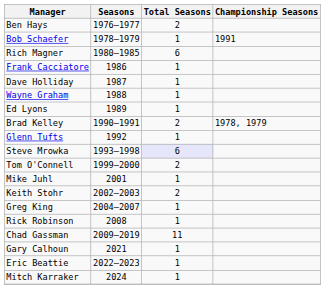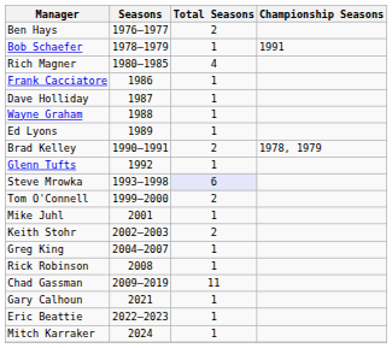 <table class="wikitable" style="text-align:center">
 <tr>
 <th>Manager</th>
 <th>Seasons</th>
 <th>Total Seasons</th>
 <th>Championship Seasons</th>
 </tr>
 <tr>
 <td style="text-align:left">Ben Hays</td>
 <td>1976–1977</td>
 <td>2</td>
 <td style="text-align:left"></td>
 </tr>
 <tr>
 <td style="text-align:left"><a href='#'>Bob Schaefer</a></td>
 <td>1978–1979</td>
 <td>1</td>
 <td style="text-align:left">1991</td>
 </tr>
 <tr>
 <td style="text-align:left">Rich Magner</td>
 <td>1980–1985</td>
-<td>6</td>
+<td>4</td>
 <td style="text-align:left"></td>
 </tr>
 <tr>
 <td style="text-align:left"><a href='#'>Frank Cacciatore</a></td>
 <td>1986</td>
 <td>1</td>
 <td style="text-align:left"></td>
 </tr>
 <tr>
 <td style="text-align:left">Dave Holliday</td>
 <td>1987</td>
 <td>1</td>
 <td style="text-align:left"></td>
 </tr>
 <tr>
 <td style="text-align:left"><a href='#'>Wayne Graham</a></td>
 <td>1988</td>
 <td>1</td>
 <td style="text-align:left"></td>
 </tr>
 <tr>
 <td style="text-align:left">Ed Lyons</td>
 <td>1989</td>
 <td>1</td>
 <td style="text-align:left"></td>
 </tr>
 <tr>
 <td style="text-align:left">Brad Kelley</td>
 <td>1990–1991</td>
 <td>2</td>
 <td style="text-align:left">1978, 1979</td>
 </tr>
 <tr>
 <td style="text-align:left"><a href='#'>Glenn Tufts</a></td>
 <td>1992</td>
 <td>1</td>
 <td style="text-align:left"></td>
 </tr>
 <tr>
 <td style="text-align:left">Steve Mrowka</td>
 <td>1993–1998</td>
 <td style="background: lavender;">6</td>
 <td style="text-align:left"></td>
 </tr>
 <tr>
 <td style="text-align:left">Tom O'Connell</td>
 <td>1999–2000</td>
 <td>2</td>
 <td style="text-align:left"></td>
 </tr>
 <tr>
 <td style="text-align:left">Mike Juhl</td>
 <td>2001</td>
 <td>1</td>
 <td style="text-align:left"></td>
 </tr>
 <tr>
 <td style="text-align:left">Keith Stohr</td>
 <td>2002–2003</td>
 <td>2</td>
 <td style="text-align:left"></td>
 </tr>
 <tr>
 <td style="text-align:left">Greg King</td>
 <td>2004–2007</td>
 <td>1</td>
 <td style="text-align:left"></td>
 </tr>
 <tr>
 <td style="text-align:left">Rick Robinson</td>
 <td>2008</td>
 <td>1</td>
 <td style="text-align:left"></td>
 </tr>
 <tr>
 <td style="text-align:left">Chad Gassman</td>
 <td>2009–2019</td>
 <td>11</td>
 <td style="text-align:left"></td>
 </tr>
 <tr>
 <td style="text-align:left">Gary Calhoun</td>
 <td>2021</td>
 <td>1</td>
 <td style="text-align:left"></td>
 </tr>
 <tr>
 <td style="text-align:left">Eric Beattie</td>
 <td>2022–2023</td>
 <td>1</td>
 <td style="text-align:left"></td>
 </tr>
 <tr>
 <td style="text-align:left">Mitch Karraker</td>
 <td>2024</td>
 <td>1</td>
 <td style="text-align:left"></td>
 </tr>
 <tr>
 </tr>
 </table>
